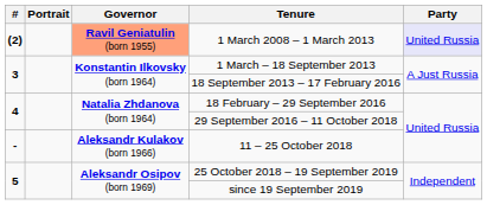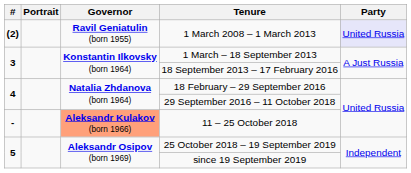 <table class="wikitable" style="text-align: center;">
 <tr>
 <th>#</th>
 <th>Portrait</th>
 <th>Governor</th>
 <th>Tenure</th>
 <th>Party</th>
 </tr>
 <tr>
 <td style="background: "><strong>(2)</strong></td>
 <td></td>
-<td style="background: lightsalmon;"><strong><a href='#'>Ravil Geniatulin</a></strong><br><small>(born 1955)</small></td>
+<td><strong><a href='#'>Ravil Geniatulin</a></strong><br><small>(born 1955)</small></td>
 <td>1 March 2008 – 1 March 2013</td>
 <td style="background: lavender;"><a href='#'>United Russia</a></td>
 </tr>
 <tr>
 <td rowspan=2; style="background: "><strong>3</strong></td>
 <td rowspan = 2></td>
 <td rowspan = 2><strong><a href='#'>Konstantin Ilkovsky</a></strong><br><small>(born 1964)</small></td>
 <td>1 March – 18 September 2013</td>
 <td rowspan = 2><a href='#'>A Just Russia</a></td>
 </tr>
 <tr>
 <td>18 September 2013 – 17 February 2016</td>
 </tr>
 <tr>
 <td rowspan=2; style="background: "><strong>4</strong></td>
 <td rowspan = 2></td>
 <td rowspan = 2><strong><a href='#'>Natalia Zhdanova</a></strong><br><small>(born 1964)</small></td>
 <td>18 February – 29 September 2016</td>
 <td rowspan="3"><a href='#'>United Russia</a></td>
 </tr>
 <tr>
 <td>29 September 2016 – 11 October 2018</td>
 </tr>
 <tr>
 <td style="background: "><strong>-</strong></td>
 <td></td>
-<td><strong><a href='#'>Aleksandr Kulakov</a></strong><br><small>(born 1966)</small></td>
+<td style="background: lightsalmon;"><strong><a href='#'>Aleksandr Kulakov</a></strong><br><small>(born 1966)</small></td>
 <td>11 – 25 October 2018</td>
 </tr>
 <tr>
 <td rowspan=2; style="background: "><strong>5</strong></td>
 <td rowspan = 2></td>
 <td rowspan = 2><strong><a href='#'>Aleksandr Osipov</a></strong><br><small>(born 1969)</small></td>
 <td>25 October 2018 – 19 September 2019</td>
 <td rowspan = 2><a href='#'>Independent</a></td>
 </tr>
 <tr>
 <td>since 19 September 2019</td>
 </tr>
 </table>
